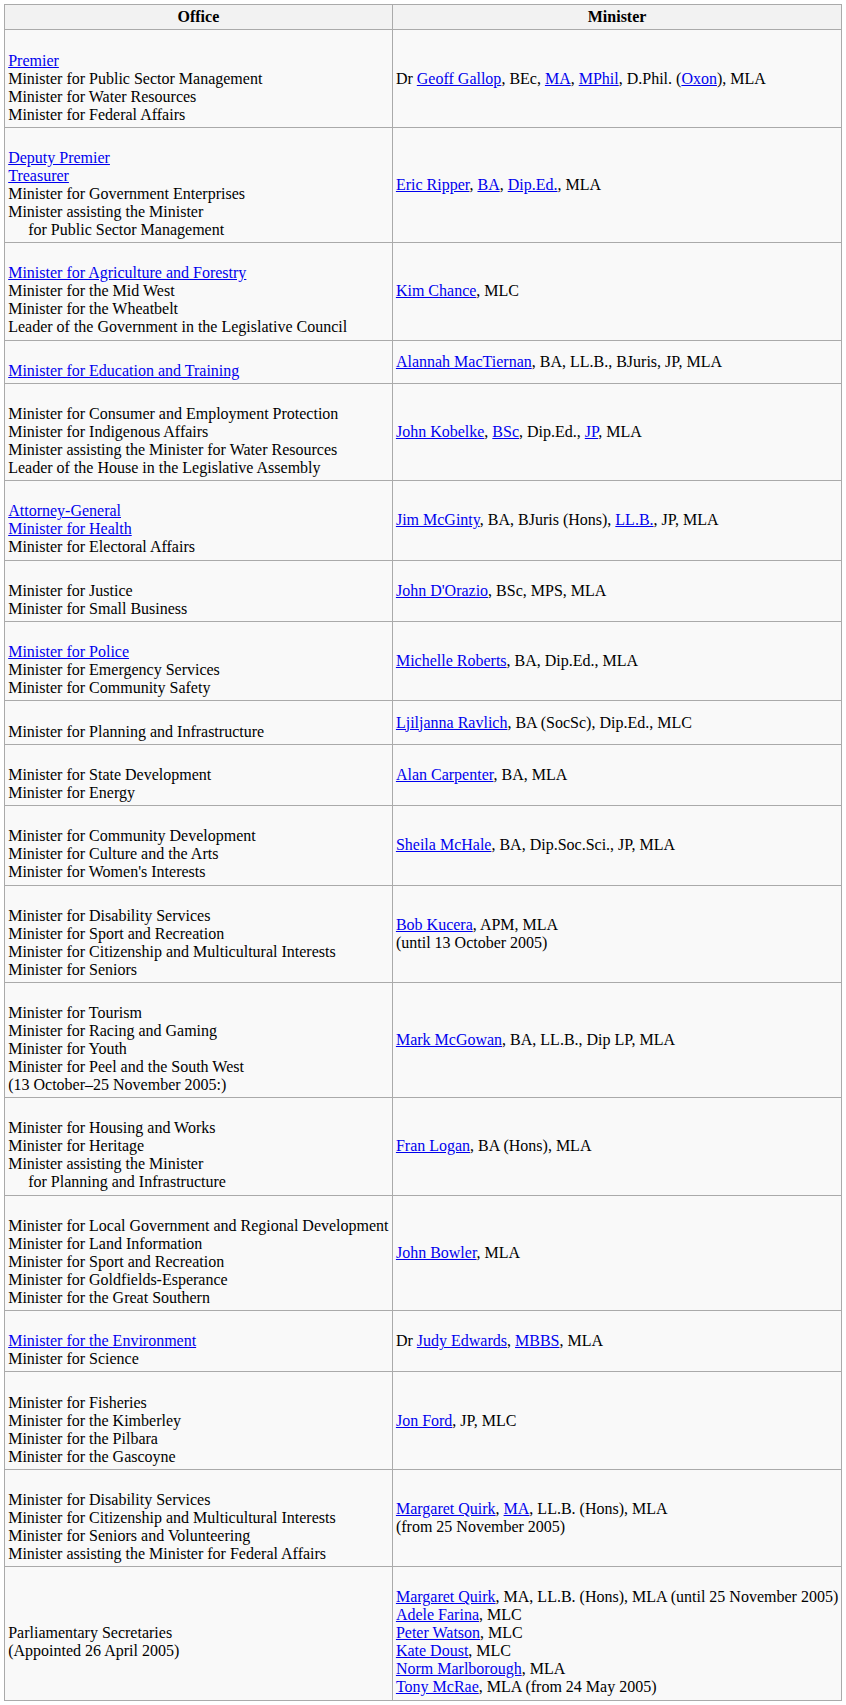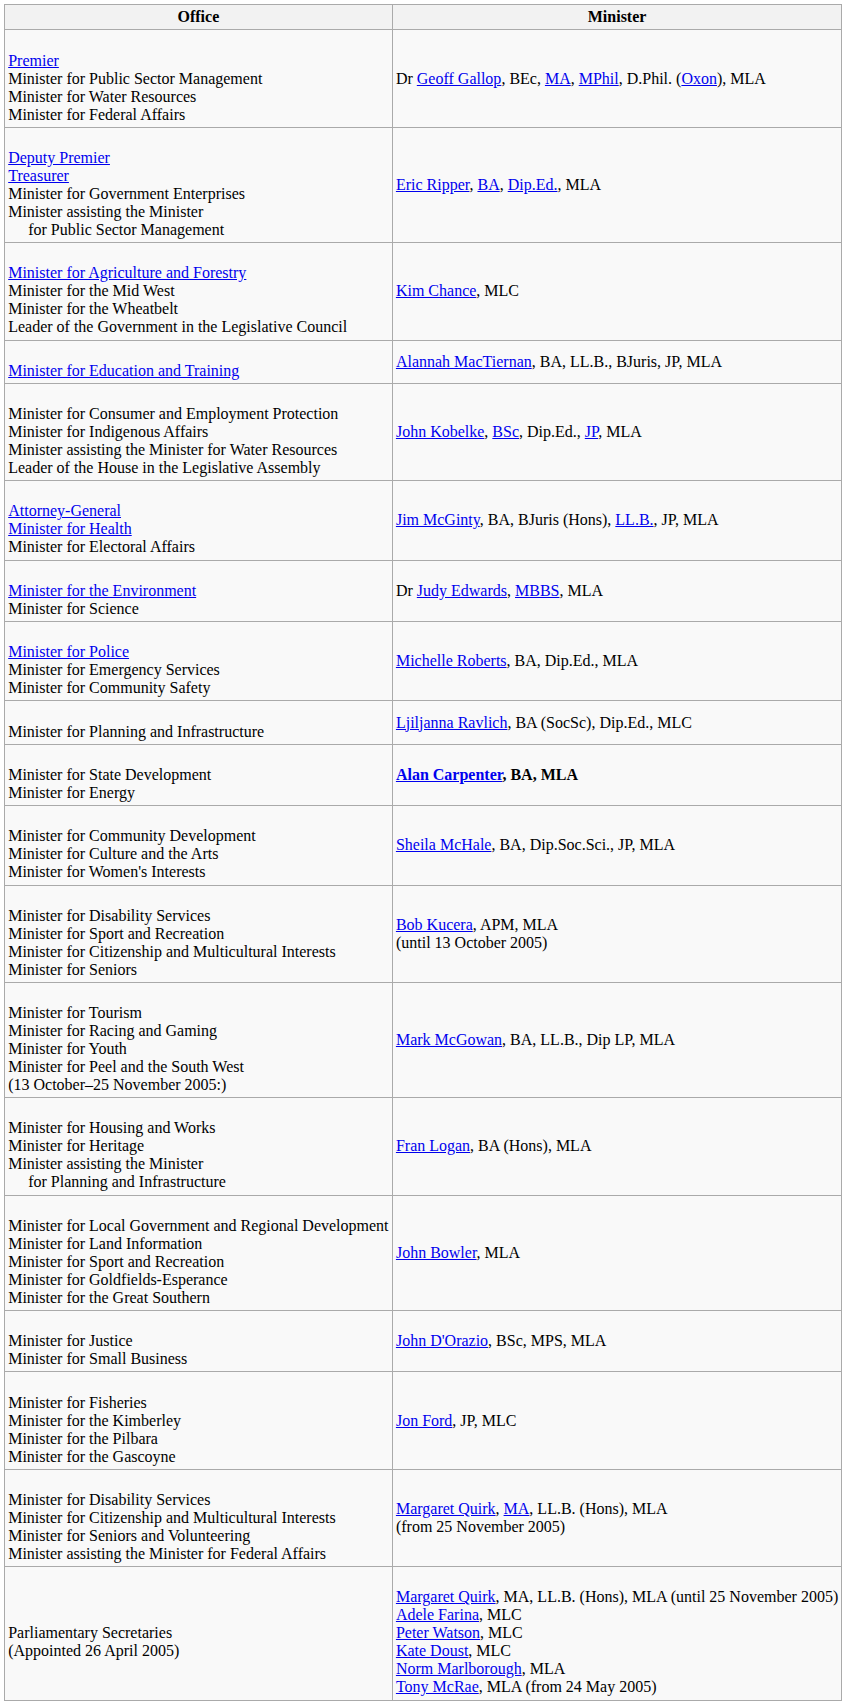 <table class="wikitable">
 <tr>
 <th>Office</th>
 <th>Minister</th>
 </tr>
 <tr>
 <td><br><a href='#'>Premier</a><br> Minister for Public Sector Management<br> Minister for Water Resources<br> Minister for Federal Affairs<br></td>
 <td>Dr <a href='#'>Geoff Gallop</a>, BEc, <a href='#'>MA</a>, <a href='#'>MPhil</a>, D.Phil. (<a href='#'>Oxon</a>), MLA</td>
 </tr>
 <tr>
 <td><br><a href='#'>Deputy Premier</a><br> <a href='#'>Treasurer</a><br> Minister for Government Enterprises<br> Minister assisting the Minister<br>     for Public Sector Management</td>
 <td><a href='#'>Eric Ripper</a>, <a href='#'>BA</a>, <a href='#'>Dip.Ed.</a>, MLA</td>
 </tr>
 <tr>
 <td><br><a href='#'>Minister for Agriculture and Forestry</a><br> Minister for the Mid West<br> Minister for the Wheatbelt<br> Leader of the Government in the Legislative Council</td>
 <td><a href='#'>Kim Chance</a>, MLC</td>
 </tr>
 <tr>
 <td><br><a href='#'>Minister for Education and Training</a><br></td>
 <td><a href='#'>Alannah MacTiernan</a>, BA, LL.B., BJuris, JP, MLA</td>
 </tr>
 <tr>
 <td><br>Minister for Consumer and Employment Protection<br> Minister for Indigenous Affairs<br> Minister assisting the Minister for Water Resources<br> Leader of the House in the Legislative Assembly<br></td>
 <td><a href='#'>John Kobelke</a>, <a href='#'>BSc</a>, Dip.Ed., <a href='#'>JP</a>, MLA</td>
 </tr>
 <tr>
 <td><br><a href='#'>Attorney-General</a><br> <a href='#'>Minister for Health</a><br> Minister for Electoral Affairs<br></td>
 <td><a href='#'>Jim McGinty</a>, BA, BJuris (Hons), <a href='#'>LL.B.</a>, JP, MLA</td>
 </tr>
 <tr>
-<td><br>Minister for Justice<br> Minister for Small Business<br></td>
-<td><a href='#'>John D'Orazio</a>, BSc, MPS, MLA</td>
+<td><br><a href='#'>Minister for the Environment</a><br> Minister for Science</td>
+<td>Dr <a href='#'>Judy Edwards</a>, <a href='#'>MBBS</a>, MLA</td>
 </tr>
 <tr>
 <td><br><a href='#'>Minister for Police</a><br> Minister for Emergency Services<br> Minister for Community Safety</td>
 <td><a href='#'>Michelle Roberts</a>, BA, Dip.Ed., MLA</td>
 </tr>
 <tr>
 <td><br>Minister for Planning and Infrastructure</td>
 <td><a href='#'>Ljiljanna Ravlich</a>, BA (SocSc), Dip.Ed., MLC</td>
 </tr>
 <tr>
 <td><br>Minister for State Development<br> Minister for Energy<br></td>
-<td><a href='#'>Alan Carpenter</a>, BA, MLA</td>
+<td><strong><a href='#'>Alan Carpenter</a>, BA, MLA</strong></td>
 </tr>
 <tr>
 <td><br>Minister for Community Development<br> Minister for Culture and the Arts<br> Minister for Women's Interests<br></td>
 <td><a href='#'>Sheila McHale</a>, BA, Dip.Soc.Sci., JP, MLA</td>
 </tr>
 <tr>
 <td><br>Minister for Disability Services<br> Minister for Sport and Recreation<br> Minister for Citizenship and Multicultural Interests<br> Minister for Seniors<br></td>
 <td><a href='#'>Bob Kucera</a>, APM, MLA<br>(until 13 October 2005)</td>
 </tr>
 <tr>
 <td><br>Minister for Tourism<br> Minister for Racing and Gaming<br> Minister for Youth<br> Minister for Peel and the South West<br>(13 October–25 November 2005:)</td>
 <td><a href='#'>Mark McGowan</a>, BA, LL.B., Dip LP, MLA</td>
 </tr>
 <tr>
 <td><br>Minister for Housing and Works<br> Minister for Heritage<br> Minister assisting the Minister<br>     for Planning and Infrastructure</td>
 <td><a href='#'>Fran Logan</a>, BA (Hons), MLA</td>
 </tr>
 <tr>
 <td><br>Minister for Local Government and Regional Development<br> Minister for Land Information<br> Minister for Sport and Recreation<br> Minister for Goldfields-Esperance<br> Minister for the Great Southern<br></td>
 <td><a href='#'>John Bowler</a>, MLA</td>
 </tr>
 <tr>
-<td><br><a href='#'>Minister for the Environment</a><br> Minister for Science</td>
-<td>Dr <a href='#'>Judy Edwards</a>, <a href='#'>MBBS</a>, MLA</td>
+<td><br>Minister for Justice<br> Minister for Small Business<br></td>
+<td><a href='#'>John D'Orazio</a>, BSc, MPS, MLA</td>
 </tr>
 <tr>
 <td><br>Minister for Fisheries<br> Minister for the Kimberley<br> Minister for the Pilbara<br> Minister for the Gascoyne<br></td>
 <td><a href='#'>Jon Ford</a>, JP, MLC</td>
 </tr>
 <tr>
 <td><br>Minister for Disability Services<br> Minister for Citizenship and Multicultural Interests<br> Minister for Seniors and Volunteering<br> Minister assisting the Minister for Federal Affairs</td>
 <td><a href='#'>Margaret Quirk</a>, <a href='#'>MA</a>, LL.B. (Hons), MLA<br>(from 25 November 2005)</td>
 </tr>
 <tr>
 <td><br>Parliamentary Secretaries<br>(Appointed 26 April 2005)</td>
 <td><br><a href='#'>Margaret Quirk</a>, MA, LL.B. (Hons), MLA (until 25 November 2005)<br> <a href='#'>Adele Farina</a>, MLC<br> <a href='#'>Peter Watson</a>, MLC<br> <a href='#'>Kate Doust</a>, MLC<br> <a href='#'>Norm Marlborough</a>, MLA<br> <a href='#'>Tony McRae</a>, MLA (from 24 May 2005)<br></td>
 </tr>
 </table>
